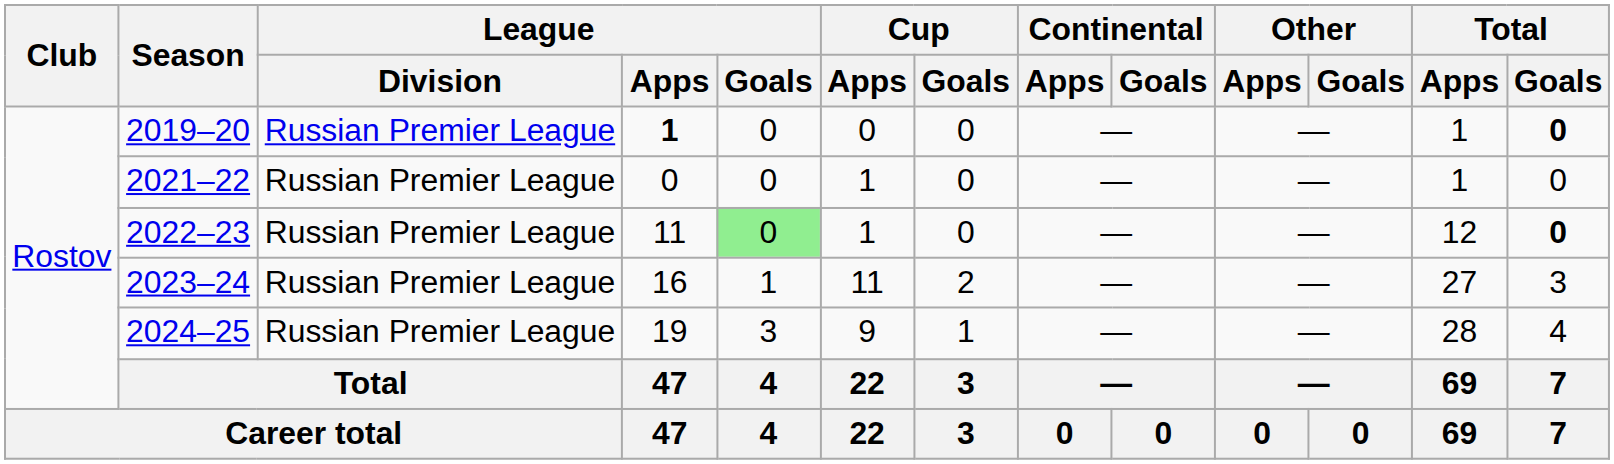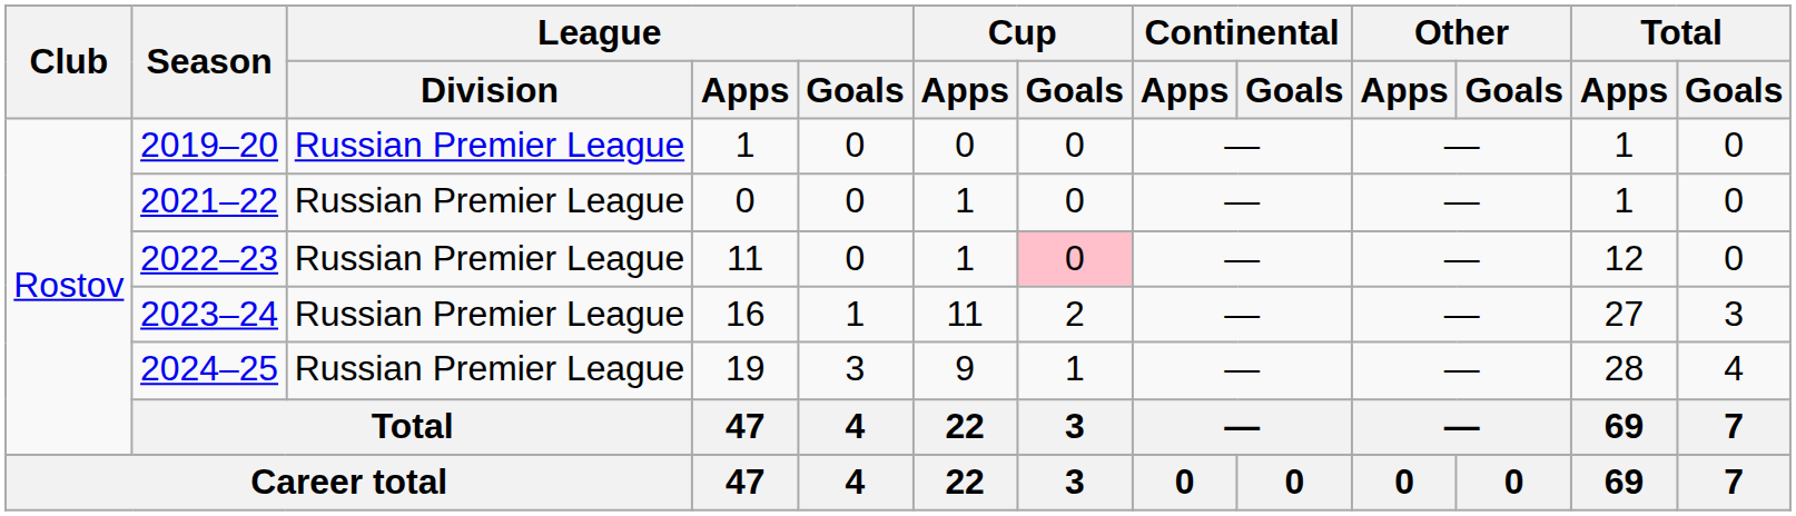 <table class="wikitable" style="text-align: center;">
 <tr>
 <th rowspan=2>Club</th>
 <th rowspan=2>Season</th>
 <th colspan=3>League</th>
 <th colspan=2>Cup</th>
 <th colspan=2>Continental</th>
 <th colspan=2>Other</th>
 <th colspan=2>Total</th>
 </tr>
 <tr>
 <th>Division</th>
 <th>Apps</th>
 <th>Goals</th>
 <th>Apps</th>
 <th>Goals</th>
 <th>Apps</th>
 <th>Goals</th>
 <th>Apps</th>
 <th>Goals</th>
 <th>Apps</th>
 <th>Goals</th>
 </tr>
 <tr>
 <td rowspan=6><a href='#'>Rostov</a></td>
 <td><a href='#'>2019–20</a></td>
 <td><a href='#'>Russian Premier League</a></td>
-<td><strong>1</strong></td>
+<td>1</td>
 <td>0</td>
 <td>0</td>
 <td>0</td>
 <td colspan=2>—</td>
 <td colspan=2>—</td>
 <td>1</td>
-<td><strong>0</strong></td>
+<td>0</td>
 </tr>
 <tr>
 <td><a href='#'>2021–22</a></td>
 <td>Russian Premier League</td>
 <td>0</td>
 <td>0</td>
 <td>1</td>
 <td>0</td>
 <td colspan=2>—</td>
 <td colspan=2>—</td>
 <td>1</td>
 <td>0</td>
 </tr>
 <tr>
 <td><a href='#'>2022–23</a></td>
 <td>Russian Premier League</td>
 <td>11</td>
-<td style="background: lightgreen;">0</td>
+<td>0</td>
 <td>1</td>
-<td>0</td>
+<td style="background: pink;">0</td>
 <td colspan=2>—</td>
 <td colspan=2>—</td>
 <td>12</td>
-<td><strong>0</strong></td>
+<td>0</td>
 </tr>
 <tr>
 <td><a href='#'>2023–24</a></td>
 <td>Russian Premier League</td>
 <td>16</td>
 <td>1</td>
 <td>11</td>
 <td>2</td>
 <td colspan=2>—</td>
 <td colspan=2>—</td>
 <td>27</td>
 <td>3</td>
 </tr>
 <tr>
 <td><a href='#'>2024–25</a></td>
 <td>Russian Premier League</td>
 <td>19</td>
 <td>3</td>
 <td>9</td>
 <td>1</td>
 <td colspan=2>—</td>
 <td colspan=2>—</td>
 <td>28</td>
 <td>4</td>
 </tr>
 <tr>
 <th colspan=2>Total</th>
 <th>47</th>
 <th>4</th>
 <th>22</th>
 <th>3</th>
 <th colspan=2>—</th>
 <th colspan=2>—</th>
 <th>69</th>
 <th>7</th>
 </tr>
 <tr>
 <th colspan=3>Career total</th>
 <th>47</th>
 <th>4</th>
 <th>22</th>
 <th>3</th>
 <th>0</th>
 <th>0</th>
 <th>0</th>
 <th>0</th>
 <th>69</th>
 <th>7</th>
 </tr>
 </table>
